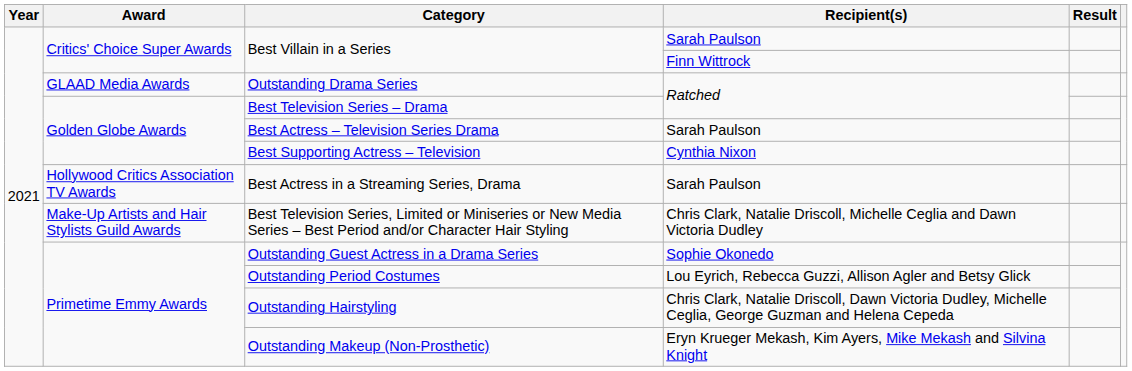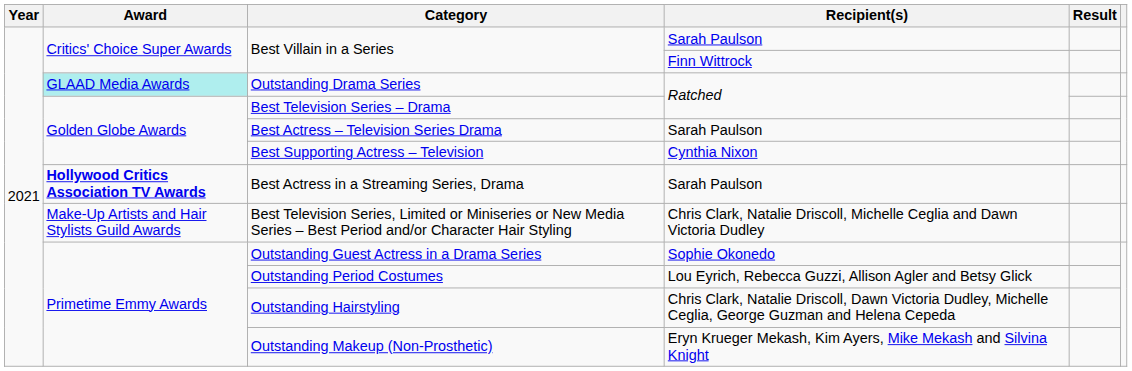 <table class="wikitable plainrowheaders sortable">
 <tr>
 <th scope="col">Year</th>
 <th scope="col">Award</th>
 <th scope="col">Category</th>
 <th scope="col">Recipient(s)</th>
 <th scope="col">Result</th>
 <th scope="col" class="unsortable"></th>
 </tr>
 <tr>
 <td rowspan="12" style="text-align:center;">2021</td>
 <td rowspan="2"><a href='#'>Critics' Choice Super Awards</a></td>
 <td rowspan="2">Best Villain in a Series</td>
 <td><a href='#'>Sarah Paulson</a></td>
 <td></td>
 <td rowspan="2" align="center"></td>
 </tr>
 <tr>
 <td><a href='#'>Finn Wittrock</a></td>
 <td></td>
 </tr>
 <tr>
-<td><a href='#'>GLAAD Media Awards</a></td>
+<td style="background: paleturquoise;"><a href='#'>GLAAD Media Awards</a></td>
 <td><a href='#'>Outstanding Drama Series</a></td>
 <td rowspan="2"><em>Ratched</em></td>
 <td></td>
 <td align="center"></td>
 </tr>
 <tr>
 <td rowspan="3"><a href='#'>Golden Globe Awards</a></td>
 <td><a href='#'>Best Television Series – Drama</a></td>
 <td></td>
 <td align="center" rowspan="3"></td>
 </tr>
 <tr>
 <td><a href='#'>Best Actress – Television Series Drama</a></td>
 <td>Sarah Paulson</td>
 <td></td>
 </tr>
 <tr>
 <td><a href='#'>Best Supporting Actress – Television</a></td>
 <td><a href='#'>Cynthia Nixon</a></td>
 <td></td>
 </tr>
 <tr>
-<td><a href='#'>Hollywood Critics Association TV Awards</a></td>
+<td><strong><a href='#'>Hollywood Critics Association TV Awards</a></strong></td>
 <td>Best Actress in a Streaming Series, Drama</td>
 <td>Sarah Paulson</td>
 <td></td>
 <td align="center"></td>
 </tr>
 <tr>
 <td><a href='#'>Make-Up Artists and Hair Stylists Guild Awards</a></td>
 <td>Best Television Series, Limited or Miniseries or New Media Series – Best Period and/or Character Hair Styling</td>
 <td>Chris Clark, Natalie Driscoll, Michelle Ceglia and Dawn Victoria Dudley</td>
 <td></td>
 <td align="center"></td>
 </tr>
 <tr>
 <td rowspan="4"><a href='#'>Primetime Emmy Awards</a></td>
 <td><a href='#'>Outstanding Guest Actress in a Drama Series</a></td>
 <td><a href='#'>Sophie Okonedo</a> </td>
 <td></td>
 <td align="center" rowspan="4"></td>
 </tr>
 <tr>
 <td><a href='#'>Outstanding Period Costumes</a></td>
 <td>Lou Eyrich, Rebecca Guzzi, Allison Agler and Betsy Glick </td>
 <td></td>
 </tr>
 <tr>
 <td><a href='#'>Outstanding Hairstyling</a></td>
 <td>Chris Clark, Natalie Driscoll, Dawn Victoria Dudley, Michelle Ceglia, George Guzman and Helena Cepeda </td>
 <td></td>
 </tr>
 <tr>
 <td><a href='#'>Outstanding Makeup (Non-Prosthetic)</a></td>
 <td>Eryn Krueger Mekash, Kim Ayers, <a href='#'>Mike Mekash</a> and <a href='#'>Silvina Knight</a> </td>
 <td></td>
 </tr>
 </table>
